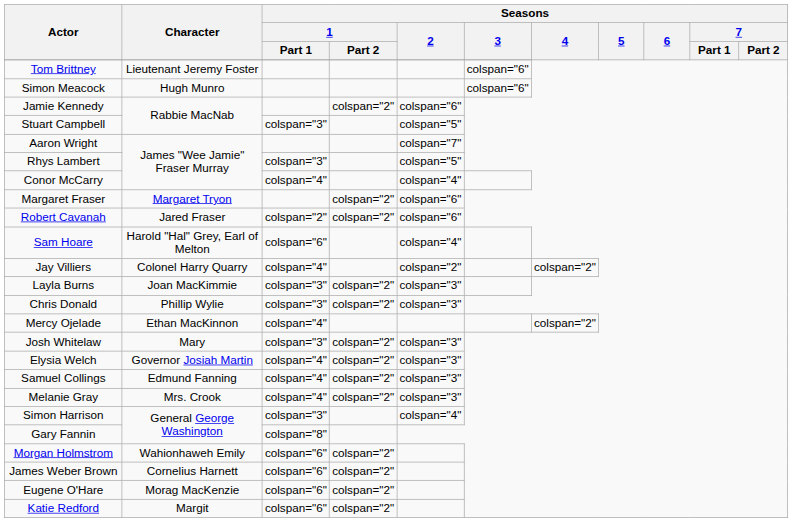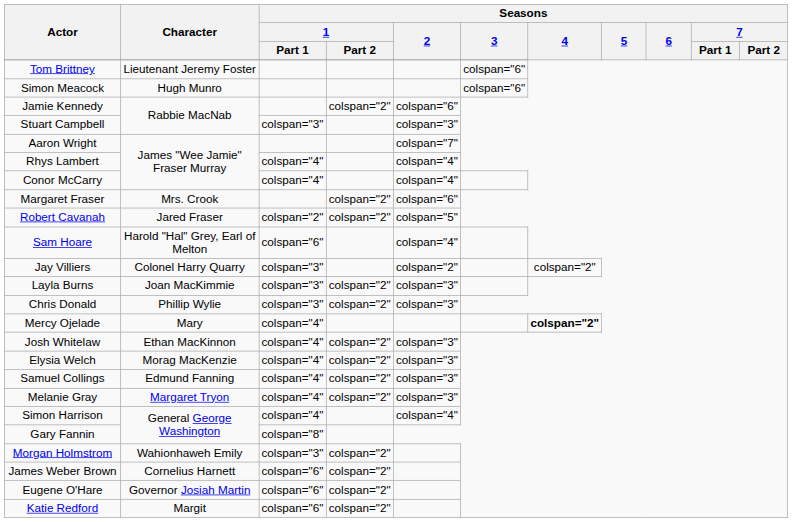 <table class="wikitable" style="text-align:center; width:85%;">
 <tr>
 <th rowspan="3" style="width:17%;">Actor</th>
 <th rowspan="3" style="width:20%;">Character</th>
 <th colspan="9">Seasons</th>
 </tr>
 <tr>
 <th colspan="2" style="width:14%;"><a href='#'>1</a></th>
 <th rowspan="2" style="width:7%;"><a href='#'>2</a></th>
 <th rowspan="2" style="width:7%;"><a href='#'>3</a></th>
 <th rowspan="2" style="width:7%;"><a href='#'>4</a></th>
 <th rowspan="2" style="width:7%;"><a href='#'>5</a></th>
 <th rowspan="2" style="width:7%;"><a href='#'>6</a></th>
 <th colspan="2" style="width:14%;"><a href='#'>7</a></th>
 </tr>
 <tr>
 <th style="width:7%">Part 1</th>
 <th style="width:7%">Part 2</th>
 <th style="width:7%">Part 1</th>
 <th style="width:7%">Part 2</th>
 </tr>
 <tr>
 </tr>
 <tr>
 <td><a href='#'>Tom Brittney</a></td>
 <td>Lieutenant Jeremy Foster</td>
 <td></td>
 <td></td>
 <td></td>
 <td>colspan="6" </td>
 </tr>
 <tr>
 <td>Simon Meacock</td>
 <td>Hugh Munro</td>
 <td></td>
 <td></td>
 <td></td>
 <td>colspan="6" </td>
 </tr>
 <tr>
 <td>Jamie Kennedy</td>
 <td rowspan="2">Rabbie MacNab</td>
 <td></td>
 <td>colspan="2" </td>
 <td>colspan="6" </td>
 </tr>
 <tr>
 <td>Stuart Campbell</td>
 <td>colspan="3" </td>
 <td></td>
-<td>colspan="5" </td>
+<td>colspan="3" </td>
 </tr>
 <tr>
 <td>Aaron Wright</td>
 <td rowspan="3">James "Wee Jamie" Fraser Murray</td>
 <td></td>
 <td></td>
 <td>colspan="7" </td>
 </tr>
 <tr>
 <td>Rhys Lambert</td>
-<td>colspan="3" </td>
+<td>colspan="4" </td>
 <td></td>
-<td>colspan="5" </td>
+<td>colspan="4" </td>
 </tr>
 <tr>
 <td>Conor McCarry</td>
 <td>colspan="4" </td>
 <td></td>
 <td>colspan="4" </td>
 <td></td>
 </tr>
 <tr>
 <td>Margaret Fraser</td>
-<td><a href='#'>Margaret Tryon</a></td>
+<td>Mrs. Crook</td>
 <td></td>
 <td>colspan="2" </td>
 <td>colspan="6" </td>
 </tr>
 <tr>
 <td><a href='#'>Robert Cavanah</a></td>
 <td>Jared Fraser</td>
 <td>colspan="2" </td>
 <td>colspan="2" </td>
-<td>colspan="6" </td>
+<td>colspan="5" </td>
 </tr>
 <tr>
 <td><a href='#'>Sam Hoare</a></td>
 <td>Harold "Hal" Grey, Earl of Melton</td>
 <td>colspan="6" </td>
 <td></td>
 <td>colspan="4" </td>
 <td></td>
 </tr>
 <tr>
 <td>Jay Villiers</td>
 <td>Colonel Harry Quarry</td>
-<td>colspan="4" </td>
+<td>colspan="3" </td>
 <td></td>
 <td>colspan="2" </td>
 <td></td>
 <td>colspan="2" </td>
 </tr>
 <tr>
 <td>Layla Burns</td>
 <td>Joan MacKimmie</td>
 <td>colspan="3" </td>
 <td>colspan="2" </td>
 <td>colspan="3" </td>
 <td></td>
 </tr>
 <tr>
 <td>Chris Donald</td>
 <td>Phillip Wylie</td>
 <td>colspan="3" </td>
 <td>colspan="2" </td>
 <td>colspan="3" </td>
 </tr>
 <tr>
 <td>Mercy Ojelade</td>
-<td>Ethan MacKinnon</td>
+<td>Mary</td>
 <td>colspan="4" </td>
 <td></td>
 <td></td>
 <td></td>
-<td>colspan="2" </td>
+<td><strong>colspan="2" </strong></td>
 </tr>
 <tr>
 <td>Josh Whitelaw</td>
-<td>Mary</td>
-<td>colspan="3" </td>
+<td>Ethan MacKinnon</td>
+<td>colspan="4" </td>
 <td>colspan="2" </td>
 <td>colspan="3" </td>
 </tr>
 <tr>
 <td>Elysia Welch</td>
-<td>Governor <a href='#'>Josiah Martin</a></td>
+<td>Morag MacKenzie</td>
 <td>colspan="4" </td>
 <td>colspan="2" </td>
 <td>colspan="3" </td>
 </tr>
 <tr>
 <td>Samuel Collings</td>
 <td>Edmund Fanning</td>
 <td>colspan="4" </td>
 <td>colspan="2" </td>
 <td>colspan="3" </td>
 </tr>
 <tr>
 <td>Melanie Gray</td>
-<td>Mrs. Crook</td>
+<td><a href='#'>Margaret Tryon</a></td>
 <td>colspan="4" </td>
 <td>colspan="2" </td>
 <td>colspan="3" </td>
 </tr>
 <tr>
 <td>Simon Harrison</td>
 <td rowspan="2">General <a href='#'>George Washington</a></td>
-<td>colspan="3" </td>
+<td>colspan="4" </td>
 <td></td>
 <td>colspan="4" </td>
 </tr>
 <tr>
 <td>Gary Fannin</td>
 <td>colspan="8" </td>
 <td></td>
 </tr>
 <tr>
 <td><a href='#'>Morgan Holmstrom</a></td>
 <td>Wahionhaweh  Emily</td>
-<td>colspan="6" </td>
+<td>colspan="3" </td>
 <td>colspan="2" </td>
 <td></td>
 </tr>
 <tr>
 <td>James Weber Brown</td>
 <td>Cornelius Harnett</td>
 <td>colspan="6" </td>
 <td>colspan="2" </td>
 <td></td>
 </tr>
 <tr>
 <td>Eugene O'Hare</td>
-<td>Morag MacKenzie</td>
+<td>Governor <a href='#'>Josiah Martin</a></td>
 <td>colspan="6" </td>
 <td>colspan="2" </td>
 <td></td>
 </tr>
 <tr>
 <td><a href='#'>Katie Redford</a></td>
 <td>Margit</td>
 <td>colspan="6" </td>
 <td>colspan="2" </td>
 <td></td>
 </tr>
 </table>
